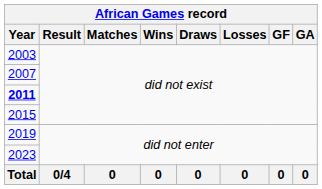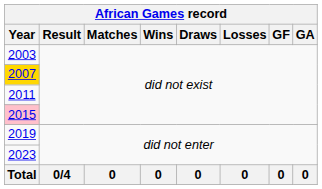 <table class="wikitable" style="text-align: center;">
 <tr>
 <th colspan=8><a href='#'>African Games</a> record</th>
 </tr>
 <tr>
 <th>Year</th>
 <th>Result</th>
 <th>Matches</th>
 <th>Wins</th>
 <th>Draws</th>
 <th>Losses</th>
 <th>GF</th>
 <th>GA</th>
 </tr>
 <tr>
 <td> <a href='#'>2003</a></td>
 <td rowspan=4 colspan=8><em>did not exist</em></td>
 </tr>
 <tr>
-<td> <a href='#'>2007</a></td>
+<td style="background: gold;"> <a href='#'>2007</a></td>
 </tr>
 <tr>
-<td><strong> <a href='#'>2011</a></strong></td>
+<td> <a href='#'>2011</a></td>
 </tr>
 <tr>
-<td> <a href='#'>2015</a></td>
+<td style="background: pink;"> <a href='#'>2015</a></td>
 </tr>
 <tr>
 <td> <a href='#'>2019</a></td>
 <td colspan=8 rowspan=2><em>did not enter</em></td>
 </tr>
 <tr>
 <td> <a href='#'>2023</a></td>
 </tr>
 <tr>
 <th>Total</th>
 <th>0/4</th>
 <th>0</th>
 <th>0</th>
 <th>0</th>
 <th>0</th>
 <th>0</th>
 <th>0</th>
 </tr>
 </table>
